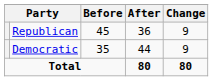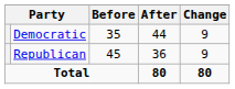 <table class="wikitable" style="text-align:center;">
 <tr>
 </tr>
 <tr>
 <th colspan=2>Party</th>
 <th>Before</th>
 <th>After</th>
 <th>Change</th>
 </tr>
 <tr>
 <th style="background-color:"></th>
-<td style="text-align:left;"><a href='#'>Republican</a></td>
-<td>45</td>
-<td>36</td>
+<td style="text-align:left;"><a href='#'>Democratic</a></td>
+<td>35</td>
+<td>44</td>
 <td> 9</td>
 </tr>
 <tr>
 <th style="background-color:"></th>
-<td style="text-align:left;"><a href='#'>Democratic</a></td>
-<td>35</td>
-<td>44</td>
+<td style="text-align:left;"><a href='#'>Republican</a></td>
+<td>45</td>
+<td>36</td>
 <td> 9</td>
 </tr>
 <tr>
 <td colspan=3><strong>Total</strong></td>
 <td><strong>80</strong></td>
 <td><strong>80</strong></td>
 </tr>
 </table>
